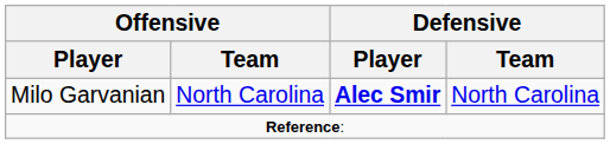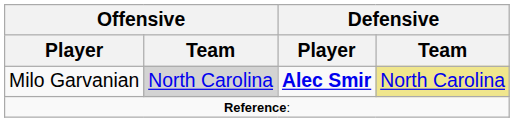 <table class="wikitable" style="text-align: center;">
 <tr>
 <th colspan="2">Offensive</th>
 <th colspan="2">Defensive</th>
 </tr>
 <tr>
 <th>Player</th>
 <th>Team</th>
 <th>Player</th>
 <th>Team</th>
 </tr>
 <tr>
 <td>Milo Garvanian</td>
-<td><a href='#'>North Carolina</a></td>
+<td style="background: lightgrey;"><a href='#'>North Carolina</a></td>
 <td><strong><a href='#'>Alec Smir</a></strong></td>
-<td><a href='#'>North Carolina</a></td>
+<td style="background: khaki;"><a href='#'>North Carolina</a></td>
 </tr>
 <tr>
 <td colspan="4"  style="font-size:8pt; text-align:center;"><strong>Reference</strong>:</td>
 </tr>
 </table>
